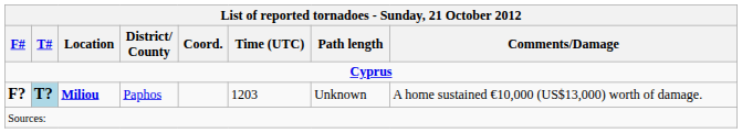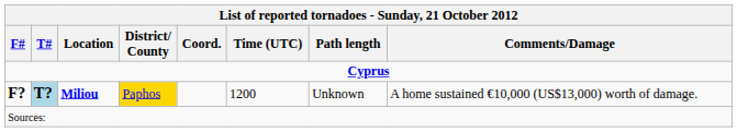 <table class="wikitable collapsible" width="100%">
 <tr>
 <th colspan="8">List of reported tornadoes - Sunday, 21 October 2012</th>
 </tr>
 <tr>
 <th><a href='#'>F#</a></th>
 <th><a href='#'>T#</a></th>
 <th>Location</th>
 <th>District/<br>County</th>
 <th>Coord.</th>
 <th>Time (UTC)</th>
 <th>Path length</th>
 <th>Comments/Damage</th>
 </tr>
 <tr>
 <td colspan="8" align=center><strong><a href='#'>Cyprus</a></strong></td>
 </tr>
 <tr>
 <td><big><strong>F?</strong></big></td>
 <td style="background: lightblue;"><big><strong>T?</strong></big></td>
 <td><strong><a href='#'>Miliou</a></strong></td>
-<td><a href='#'>Paphos</a></td>
+<td style="background: gold;"><a href='#'>Paphos</a></td>
 <td></td>
-<td>1203</td>
+<td>1200</td>
 <td>Unknown</td>
 <td>A home sustained €10,000 (US$13,000) worth of damage.</td>
 </tr>
 <tr>
 <td colspan="8"><small>Sources:  </small></td>
 </tr>
 </table>
